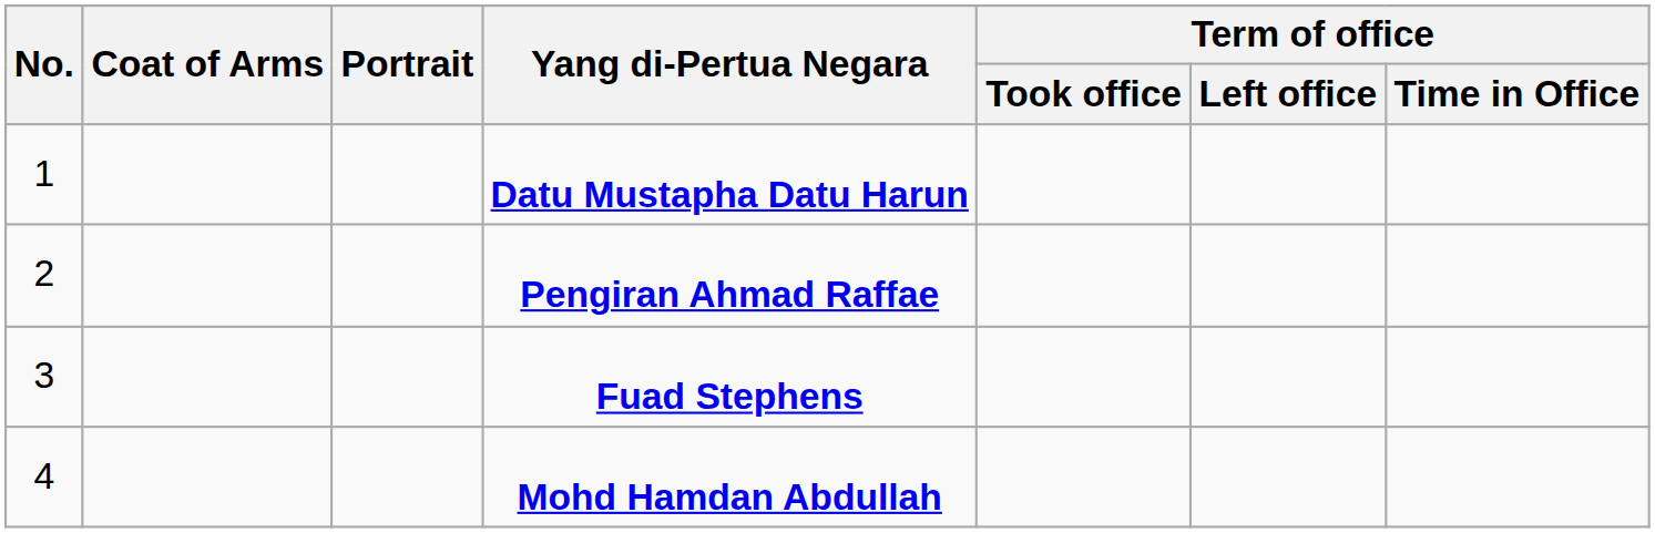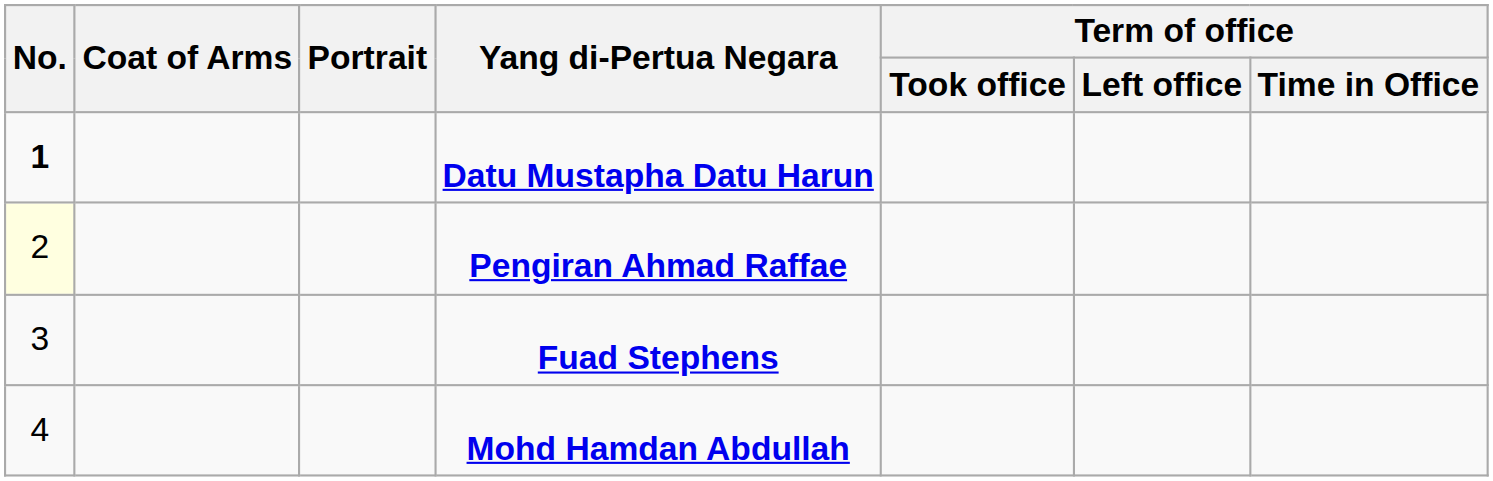 <table class="wikitable" style="text-align:center">
 <tr style="background:#cccccc">
 <th rowspan="2">No.</th>
 <th rowspan="2">Coat of Arms</th>
 <th rowspan="2">Portrait</th>
 <th rowspan="2">Yang di-Pertua Negara<br></th>
 <th colspan="3">Term of office</th>
 </tr>
 <tr>
 <th>Took office</th>
 <th>Left office</th>
 <th>Time in Office</th>
 </tr>
 <tr>
-<td>1</td>
+<td><strong>1</strong></td>
 <td></td>
 <td></td>
 <td><br><strong><a href='#'>Datu Mustapha Datu Harun</a></strong><br></td>
 <td></td>
 <td></td>
 <td></td>
 </tr>
 <tr>
-<td>2</td>
+<td style="background: lightyellow;">2</td>
 <td></td>
 <td></td>
 <td><br><strong><a href='#'>Pengiran Ahmad Raffae</a></strong><br></td>
 <td></td>
 <td></td>
 <td></td>
 </tr>
 <tr>
 <td>3</td>
 <td></td>
 <td></td>
 <td><br><strong><a href='#'>Fuad Stephens</a></strong><br></td>
 <td></td>
 <td></td>
 <td></td>
 </tr>
 <tr>
 <td>4</td>
 <td></td>
 <td></td>
 <td><br><strong><a href='#'>Mohd Hamdan Abdullah</a></strong><br></td>
 <td></td>
 <td></td>
 <td></td>
 </tr>
 </table>
